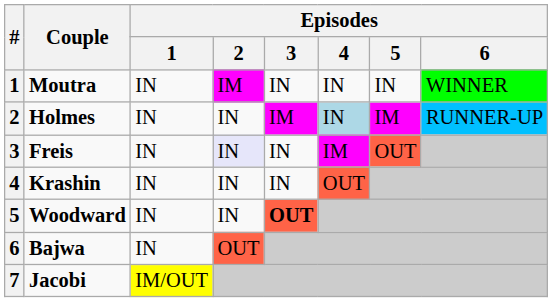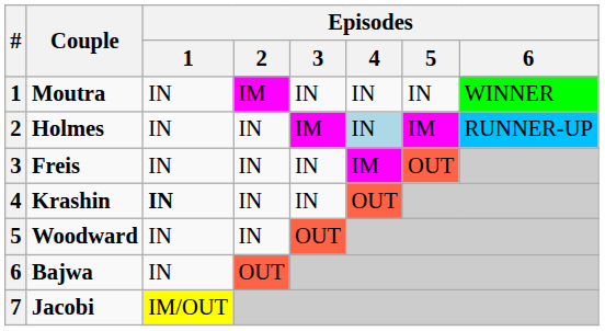 <table class="wikitable">
 <tr>
 <th rowspan=2>#</th>
 <th rowspan=2>Couple</th>
 <th colspan=7>Episodes</th>
 </tr>
 <tr>
 <th>1</th>
 <th>2</th>
 <th>3</th>
 <th>4</th>
 <th>5</th>
 <th>6</th>
 </tr>
 <tr>
 <th>1</th>
 <td><strong>Moutra</strong></td>
 <td>IN</td>
 <td bgcolor="magenta">IM</td>
 <td>IN</td>
 <td>IN</td>
 <td>IN</td>
 <td bgcolor="lime">WINNER</td>
 </tr>
 <tr>
 <th>2</th>
 <td><strong>Holmes</strong></td>
 <td>IN</td>
 <td>IN</td>
 <td bgcolor="magenta">IM</td>
 <td style="background: lightblue;">IN</td>
 <td bgcolor="magenta">IM</td>
 <td bgcolor="#00C0FF">RUNNER-UP</td>
 </tr>
 <tr>
 <th>3</th>
 <td><strong>Freis</strong></td>
 <td>IN</td>
-<td style="background: lavender;">IN</td>
+<td>IN</td>
 <td>IN</td>
 <td bgcolor="magenta">IM</td>
 <td bgcolor="tomato">OUT</td>
 <td bgcolor="#CCCCCC"></td>
 </tr>
 <tr>
 <th>4</th>
 <td><strong>Krashin</strong></td>
-<td>IN</td>
+<td><strong>IN</strong></td>
 <td>IN</td>
 <td>IN</td>
 <td bgcolor="tomato">OUT</td>
 <td bgcolor="#CCCCCC" colspan=2></td>
 </tr>
 <tr>
 <th>5</th>
 <td><strong>Woodward</strong></td>
 <td>IN</td>
 <td>IN</td>
-<td bgcolor="tomato"><strong>OUT</strong></td>
+<td bgcolor="tomato">OUT</td>
 <td bgcolor="#CCCCCC" colspan=3></td>
 </tr>
 <tr>
 <th>6</th>
 <td><strong>Bajwa</strong></td>
 <td>IN</td>
 <td bgcolor="tomato">OUT</td>
 <td bgcolor="#CCCCCC" colspan=4></td>
 </tr>
 <tr>
 <th>7</th>
 <td><strong>Jacobi</strong></td>
 <td bgcolor="yellow">IM/OUT</td>
 <td bgcolor="#CCCCCC" colspan=5></td>
 </tr>
 </table>
